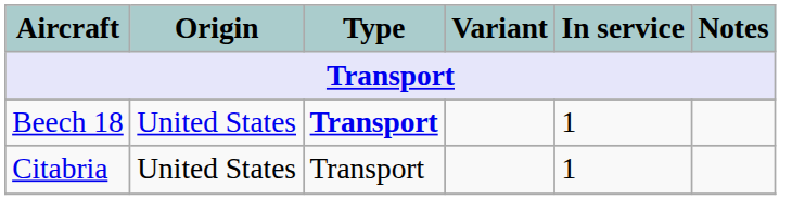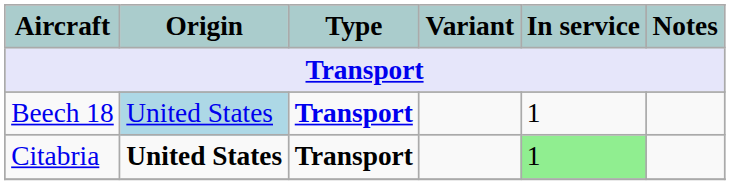 <table class="wikitable">
 <tr>
 <th style="text-align:center; background:#acc;">Aircraft</th>
 <th style="text-align: center; background:#acc;">Origin</th>
 <th style="text-align:l center; background:#acc;">Type</th>
 <th style="text-align:left; background:#acc;">Variant</th>
 <th style="text-align:center; background:#acc;">In service</th>
 <th style="text-align: center; background:#acc;">Notes</th>
 </tr>
 <tr>
 <th style="align: center; background: lavender;" colspan="7"><a href='#'>Transport</a></th>
 </tr>
 <tr>
 <td><a href='#'>Beech 18</a></td>
-<td><a href='#'>United States</a></td>
+<td style="background: lightblue;"><a href='#'>United States</a></td>
 <td><strong><a href='#'>Transport</a></strong></td>
 <td></td>
 <td>1</td>
 <td></td>
 </tr>
 <tr>
 <td><a href='#'>Citabria</a></td>
-<td>United States</td>
-<td>Transport</td>
+<td><strong>United States</strong></td>
+<td><strong>Transport</strong></td>
 <td></td>
-<td>1</td>
+<td style="background: lightgreen;">1</td>
 <td></td>
 </tr>
 <tr>
 </tr>
 </table>
